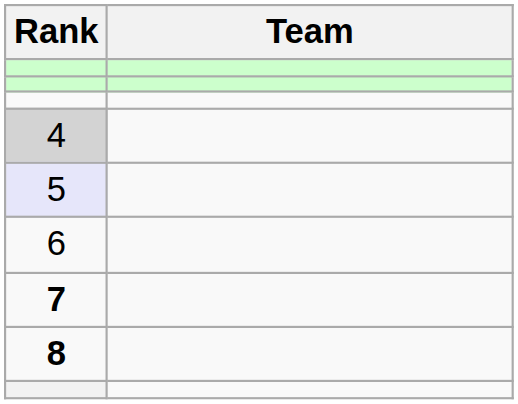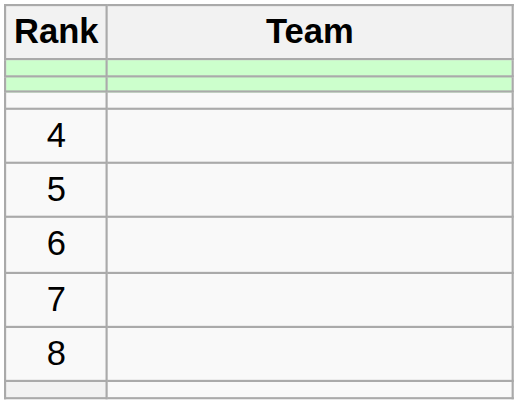 <table class="wikitable" style="text-align:center;">
 <tr>
 <th width=40>Rank</th>
 <th width=180>Team</th>
 </tr>
 <tr bgcolor=#ccffcc>
 <td></td>
 <td style="text-align:left;"></td>
 </tr>
 <tr bgcolor=#ccffcc>
 <td></td>
 <td style="text-align:left;"></td>
 </tr>
 <tr>
 <td></td>
 <td style="text-align:left;"></td>
 </tr>
 <tr>
-<td style="background: lightgrey;">4</td>
+<td>4</td>
 <td style="text-align:left;"></td>
 </tr>
 <tr>
-<td style="background: lavender;">5</td>
+<td>5</td>
 <td style="text-align:left;"></td>
 </tr>
 <tr>
 <td>6</td>
 <td style="text-align:left;"></td>
 </tr>
 <tr>
-<td><strong>7</strong></td>
+<td>7</td>
 <td style="text-align:left;"></td>
 </tr>
 <tr>
-<td><strong>8</strong></td>
+<td>8</td>
 <td style="text-align:left;"></td>
 </tr>
 <tr>
 <th scope="row" data-sort-value="20"></th>
 <td style="text-align:left;"><s></s></td>
 </tr>
 </table>
